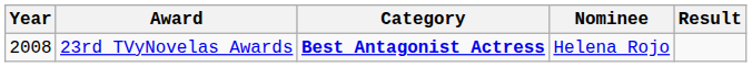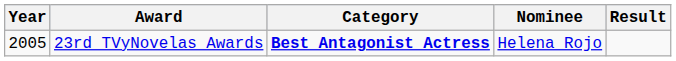 <table class="wikitable">
 <tr style="background:#b0c4de;">
 <th>Year</th>
 <th>Award</th>
 <th>Category</th>
 <th>Nominee</th>
 <th>Result</th>
 </tr>
 <tr>
-<td>2008</td>
+<td>2005</td>
 <td><a href='#'>23rd TVyNovelas Awards</a></td>
 <td><strong><a href='#'>Best Antagonist Actress</a></strong></td>
 <td><a href='#'>Helena Rojo</a></td>
 <td></td>
 </tr>
 </table>
